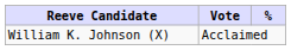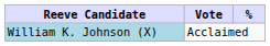 <table class="wikitable">
 <tr>
 <th style="background:#ddf; width:200px;">Reeve Candidate</th>
 <th style="background:#ddf; width:50px;">Vote</th>
 <th style="background:#ddf; width:30px;">%</th>
 </tr>
 <tr>
-<td>William K. Johnson (X)</td>
+<td style="background: lightblue;">William K. Johnson (X)</td>
 <td colspan="2">Acclaimed</td>
 </tr>
 </table>
